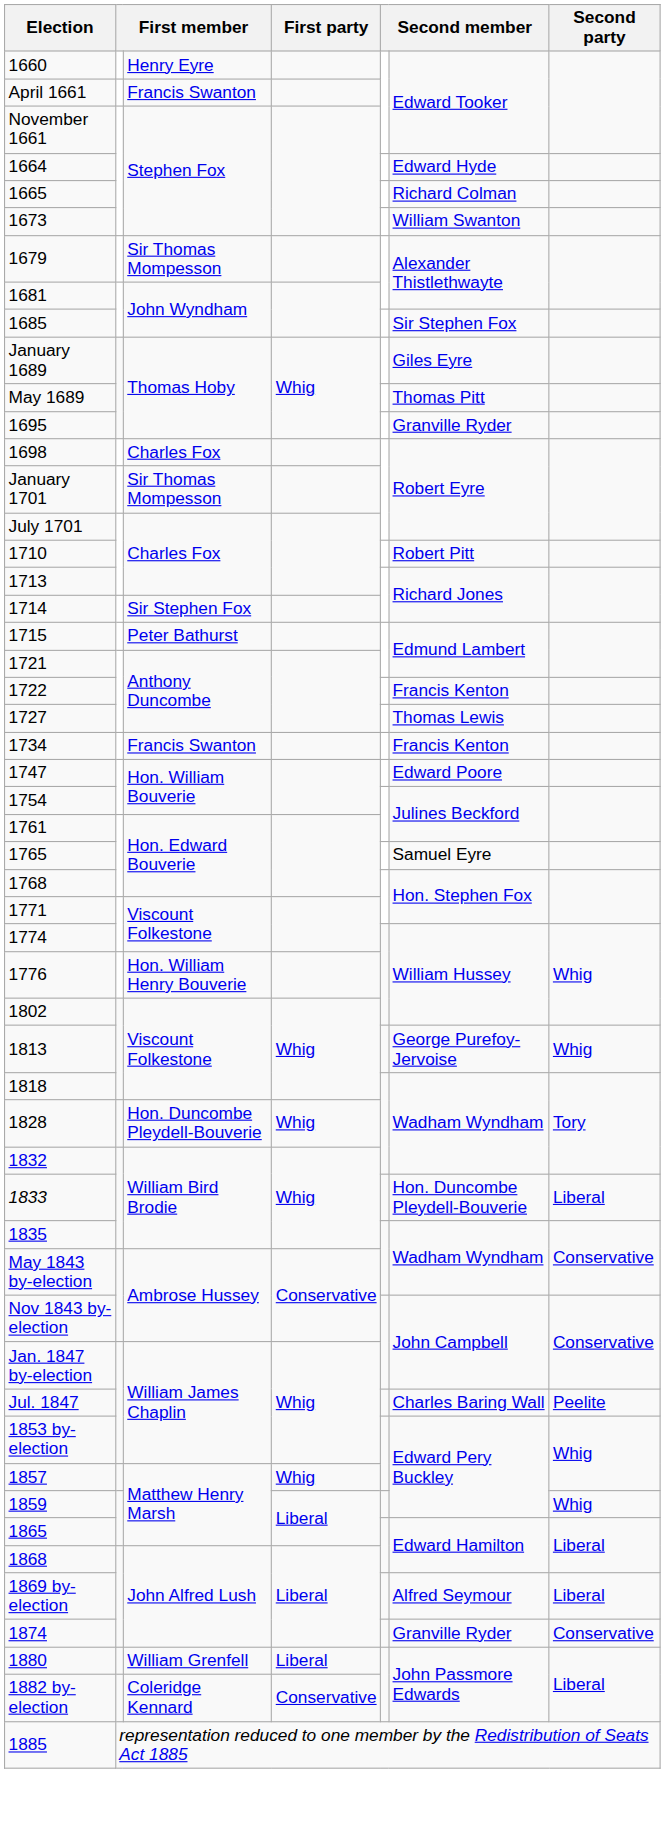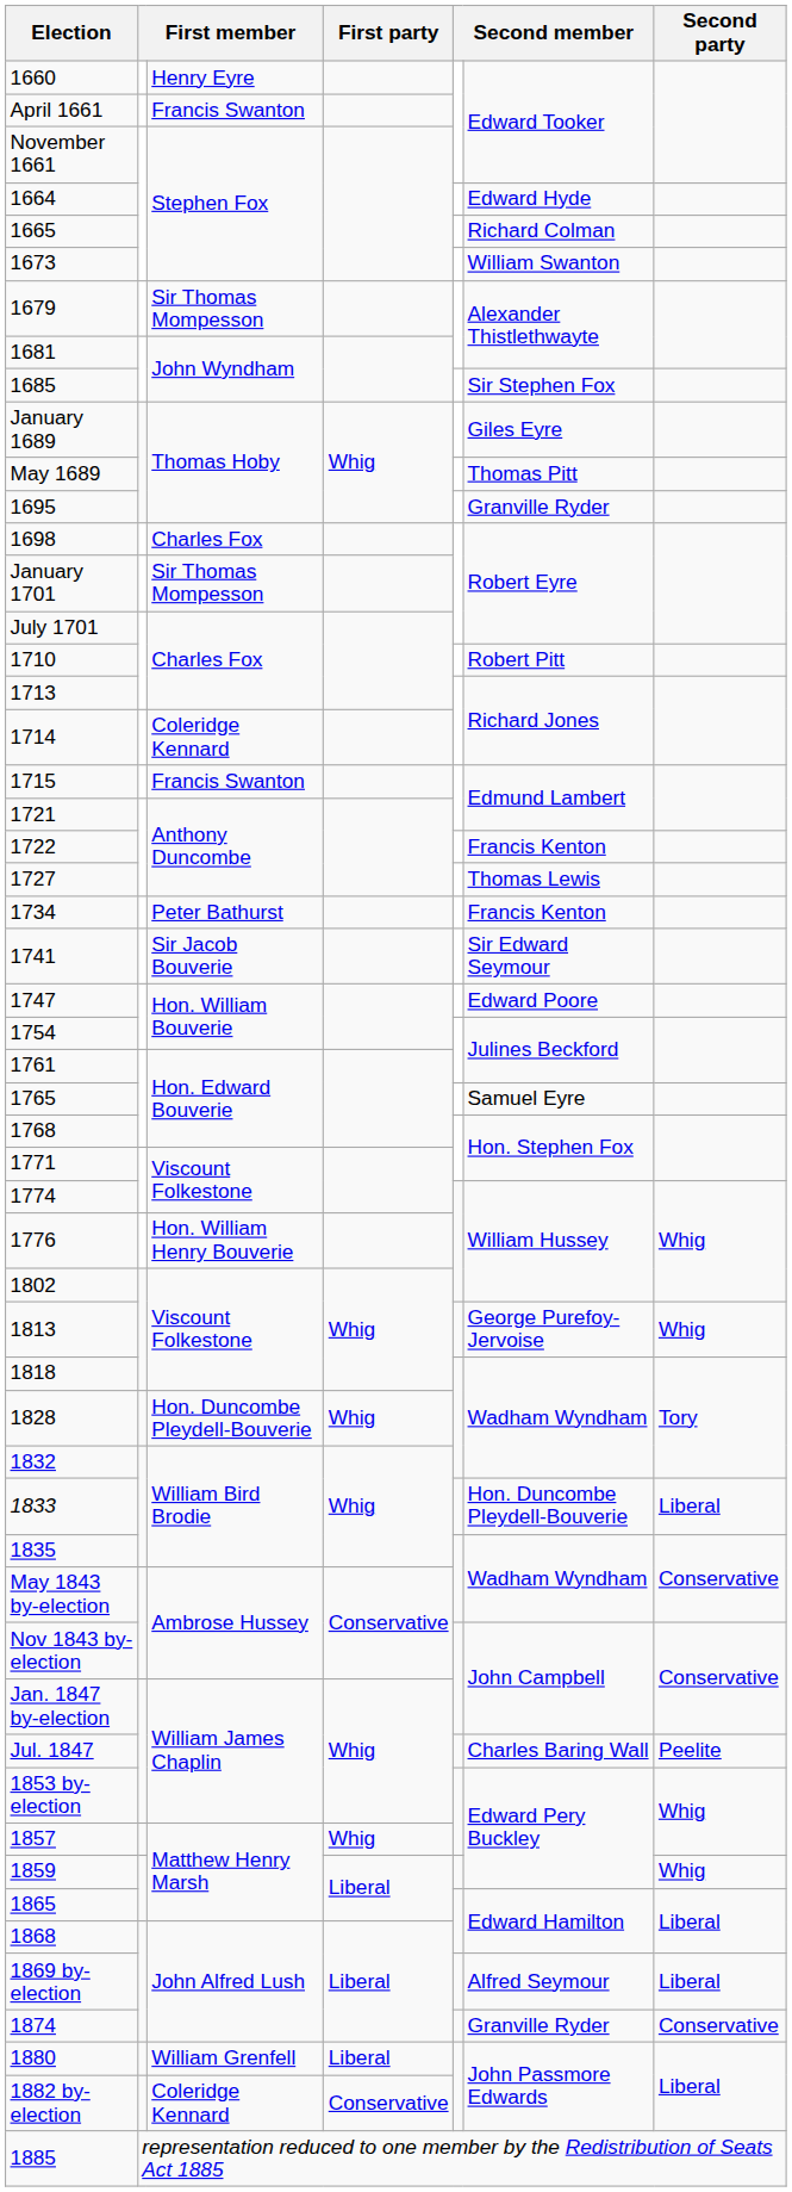 <table class="wikitable">
 <tr>
 <th>Election</th>
 <th colspan="2">First member</th>
 <th>First party</th>
 <th colspan="2">Second member</th>
 <th>Second party</th>
 </tr>
 <tr>
 <td>1660</td>
 <td style="color:inherit;background-color: white"></td>
 <td><a href='#'>Henry Eyre</a></td>
 <td></td>
 <td rowspan="3" style="color:inherit;background-color: white"></td>
 <td rowspan="3"><a href='#'>Edward Tooker</a></td>
 <td rowspan="3"></td>
 </tr>
 <tr>
 <td>April 1661</td>
 <td style="color:inherit;background-color: white"></td>
 <td><a href='#'>Francis Swanton</a></td>
 <td></td>
 </tr>
 <tr>
 <td>November 1661</td>
 <td rowspan="4" style="color:inherit;background-color: white"></td>
 <td rowspan="4"><a href='#'>Stephen Fox</a></td>
 <td rowspan="4"></td>
 </tr>
 <tr>
 <td>1664</td>
 <td style="color:inherit;background-color: white"></td>
 <td><a href='#'>Edward Hyde</a></td>
 <td></td>
 </tr>
 <tr>
 <td>1665</td>
 <td style="color:inherit;background-color: white"></td>
 <td><a href='#'>Richard Colman</a></td>
 <td></td>
 </tr>
 <tr>
 <td>1673</td>
 <td style="color:inherit;background-color: white"></td>
 <td><a href='#'>William Swanton</a></td>
 <td></td>
 </tr>
 <tr>
 <td>1679</td>
 <td style="color:inherit;background-color: white"></td>
 <td><a href='#'>Sir Thomas Mompesson</a></td>
 <td></td>
 <td rowspan="2" style="color:inherit;background-color: white"></td>
 <td rowspan="2"><a href='#'>Alexander Thistlethwayte</a></td>
 <td rowspan="2"></td>
 </tr>
 <tr>
 <td>1681</td>
 <td rowspan="2" style="color:inherit;background-color: white"></td>
 <td rowspan="2"><a href='#'>John Wyndham</a></td>
 <td rowspan="2"></td>
 </tr>
 <tr>
 <td>1685</td>
 <td style="color:inherit;background-color: white"></td>
 <td><a href='#'>Sir Stephen Fox</a></td>
 <td></td>
 </tr>
 <tr>
 <td>January 1689</td>
 <td rowspan="3" style="color:inherit;background-color: "></td>
 <td rowspan="3"><a href='#'>Thomas Hoby</a></td>
 <td rowspan="3"><a href='#'>Whig</a></td>
 <td style="color:inherit;background-color: white"></td>
 <td><a href='#'>Giles Eyre</a></td>
 <td></td>
 </tr>
 <tr>
 <td>May 1689</td>
 <td style="color:inherit;background-color: white"></td>
 <td><a href='#'>Thomas Pitt</a></td>
 <td></td>
 </tr>
 <tr>
 <td>1695</td>
 <td style="color:inherit;background-color: white"></td>
 <td><a href='#'>Granville Ryder</a></td>
 <td></td>
 </tr>
 <tr>
 <td>1698</td>
 <td style="color:inherit;background-color: white"></td>
 <td><a href='#'>Charles Fox</a></td>
 <td></td>
 <td rowspan="3" style="color:inherit;background-color: white"></td>
 <td rowspan="3"><a href='#'>Robert Eyre</a></td>
 <td rowspan="3"></td>
 </tr>
 <tr>
 <td>January 1701</td>
 <td style="color:inherit;background-color: white"></td>
 <td><a href='#'>Sir Thomas Mompesson</a></td>
 <td></td>
 </tr>
 <tr>
 <td>July 1701</td>
 <td rowspan="3" style="color:inherit;background-color: white"></td>
 <td rowspan="3"><a href='#'>Charles Fox</a></td>
 <td rowspan="3"></td>
 </tr>
 <tr>
 <td>1710</td>
 <td style="color:inherit;background-color: white"></td>
 <td><a href='#'>Robert Pitt</a></td>
 <td></td>
 </tr>
 <tr>
 <td>1713</td>
 <td rowspan="2" style="color:inherit;background-color: white"></td>
 <td rowspan="2"><a href='#'>Richard Jones</a></td>
 <td rowspan="2"></td>
 </tr>
 <tr>
 <td>1714</td>
 <td style="color:inherit;background-color: white"></td>
-<td><a href='#'>Sir Stephen Fox</a></td>
+<td><a href='#'>Coleridge Kennard</a></td>
 <td></td>
 </tr>
 <tr>
 <td>1715</td>
 <td style="color:inherit;background-color: white"></td>
-<td><a href='#'>Peter Bathurst</a></td>
+<td><a href='#'>Francis Swanton</a></td>
 <td></td>
 <td rowspan="2" style="color:inherit;background-color: white"></td>
 <td rowspan="2"><a href='#'>Edmund Lambert</a></td>
 <td rowspan="2"></td>
 </tr>
 <tr>
 <td>1721</td>
 <td rowspan="3" style="color:inherit;background-color: white"></td>
 <td rowspan="3"><a href='#'>Anthony Duncombe</a></td>
 <td rowspan="3"></td>
 </tr>
 <tr>
 <td>1722</td>
 <td style="color:inherit;background-color: white"></td>
 <td><a href='#'>Francis Kenton</a></td>
 <td></td>
 </tr>
 <tr>
 <td>1727</td>
 <td style="color:inherit;background-color: white"></td>
 <td><a href='#'>Thomas Lewis</a></td>
 <td></td>
 </tr>
 <tr>
 <td>1734</td>
 <td style="color:inherit;background-color: white"></td>
-<td><a href='#'>Francis Swanton</a></td>
+<td><a href='#'>Peter Bathurst</a></td>
 <td></td>
 <td style="color:inherit;background-color: white"></td>
 <td><a href='#'>Francis Kenton</a></td>
+<td></td>
+</tr>
+<tr>
+<td>1741</td>
+<td style="color:inherit;background-color: white"></td>
+<td><a href='#'>Sir Jacob Bouverie</a></td>
+<td></td>
+<td style="color:inherit;background-color: white"></td>
+<td><a href='#'>Sir Edward Seymour</a></td>
 <td></td>
 </tr>
 <tr>
 <td>1747</td>
 <td rowspan="2" style="color:inherit;background-color: white"></td>
 <td rowspan="2"><a href='#'>Hon. William Bouverie</a></td>
 <td rowspan="2"></td>
 <td style="color:inherit;background-color: white"></td>
 <td><a href='#'>Edward Poore</a></td>
 <td></td>
 </tr>
 <tr>
 <td>1754</td>
 <td rowspan="2" style="color:inherit;background-color: white"></td>
 <td rowspan="2"><a href='#'>Julines Beckford</a></td>
 <td rowspan="2"></td>
 </tr>
 <tr>
 <td>1761</td>
 <td rowspan="3" style="color:inherit;background-color: white"></td>
 <td rowspan="3"><a href='#'>Hon. Edward Bouverie</a></td>
 <td rowspan="3"></td>
 </tr>
 <tr>
 <td>1765</td>
 <td style="color:inherit;background-color: white"></td>
 <td>Samuel Eyre</td>
 <td></td>
 </tr>
 <tr>
 <td>1768</td>
 <td rowspan="2" style="color:inherit;background-color: white"></td>
 <td rowspan="2"><a href='#'>Hon. Stephen Fox</a></td>
 <td rowspan="2"></td>
 </tr>
 <tr>
 <td>1771</td>
 <td rowspan="2" style="color:inherit;background-color: white"></td>
 <td rowspan="2"><a href='#'>Viscount Folkestone</a></td>
 <td rowspan="2"></td>
 </tr>
 <tr>
 <td>1774</td>
 <td rowspan="3" style="color:inherit;background-color: "></td>
 <td rowspan="3"><a href='#'>William Hussey</a></td>
 <td rowspan="3"><a href='#'>Whig</a></td>
 </tr>
 <tr>
 <td>1776</td>
 <td style="color:inherit;background-color: white"></td>
 <td><a href='#'>Hon. William Henry Bouverie</a></td>
 <td></td>
 </tr>
 <tr>
 <td>1802</td>
 <td rowspan="3" style="color:inherit;background-color: "></td>
 <td rowspan="3"><a href='#'>Viscount Folkestone</a></td>
 <td rowspan="3"><a href='#'>Whig</a></td>
 </tr>
 <tr>
 <td>1813</td>
 <td style="color:inherit;background-color: "></td>
 <td><a href='#'>George Purefoy-Jervoise</a></td>
 <td><a href='#'>Whig</a></td>
 </tr>
 <tr>
 <td>1818</td>
 <td rowspan="3" style="color:inherit;background-color: "></td>
 <td rowspan="3"><a href='#'>Wadham Wyndham</a></td>
 <td rowspan="3"><a href='#'>Tory</a></td>
 </tr>
 <tr>
 <td>1828</td>
 <td style="color:inherit;background-color: "></td>
 <td><a href='#'>Hon. Duncombe Pleydell-Bouverie</a></td>
 <td><a href='#'>Whig</a></td>
 </tr>
 <tr>
 <td><a href='#'>1832</a></td>
 <td rowspan="3" style="color:inherit;background-color: "></td>
 <td rowspan="3"><a href='#'>William Bird Brodie</a></td>
 <td rowspan="3"><a href='#'>Whig</a></td>
 </tr>
 <tr>
 <td><em>1833</em></td>
 <td style="color:inherit;background-color: "></td>
 <td><a href='#'>Hon. Duncombe Pleydell-Bouverie</a></td>
 <td><a href='#'>Liberal</a></td>
 </tr>
 <tr>
 <td><a href='#'>1835</a></td>
 <td rowspan="2" style="color:inherit;background-color: "></td>
 <td rowspan="2"><a href='#'>Wadham Wyndham</a></td>
 <td rowspan="2"><a href='#'>Conservative</a></td>
 </tr>
 <tr>
 <td><a href='#'>May 1843 by-election</a></td>
 <td rowspan="2" style="color:inherit;background-color: "></td>
 <td rowspan="2"><a href='#'>Ambrose Hussey</a></td>
 <td rowspan="2"><a href='#'>Conservative</a></td>
 </tr>
 <tr>
 <td><a href='#'>Nov 1843 by-election</a></td>
 <td rowspan="2" style="color:inherit;background-color: "></td>
 <td rowspan="2"><a href='#'>John Campbell</a></td>
 <td rowspan="2"><a href='#'>Conservative</a></td>
 </tr>
 <tr>
 <td><a href='#'>Jan. 1847 by-election</a></td>
 <td rowspan="3" style="color:inherit;background-color: "></td>
 <td rowspan="3"><a href='#'>William James Chaplin</a></td>
 <td rowspan="3"><a href='#'>Whig</a></td>
 </tr>
 <tr>
 <td><a href='#'>Jul. 1847</a></td>
 <td style="color:inherit;background-color: "></td>
 <td><a href='#'>Charles Baring Wall</a></td>
 <td><a href='#'>Peelite</a></td>
 </tr>
 <tr>
 <td><a href='#'>1853 by-election</a></td>
 <td rowspan="2" style="color:inherit;background-color: "></td>
 <td rowspan="3"><a href='#'>Edward Pery Buckley</a></td>
 <td rowspan="2"><a href='#'>Whig</a></td>
 </tr>
 <tr>
 <td><a href='#'>1857</a></td>
 <td style="color:inherit;background-color: "></td>
 <td rowspan="3"><a href='#'>Matthew Henry Marsh</a></td>
 <td><a href='#'>Whig</a></td>
 </tr>
 <tr>
 <td><a href='#'>1859</a></td>
 <td rowspan="2" style="color:inherit;background-color: "></td>
 <td rowspan="2"><a href='#'>Liberal</a></td>
 <td style="color:inherit;background-color: "></td>
 <td><a href='#'>Whig</a></td>
 </tr>
 <tr>
 <td><a href='#'>1865</a></td>
 <td rowspan="2" style="color:inherit;background-color: "></td>
 <td rowspan="2"><a href='#'>Edward Hamilton</a></td>
 <td rowspan="2"><a href='#'>Liberal</a></td>
 </tr>
 <tr>
 <td><a href='#'>1868</a></td>
 <td rowspan="3" style="color:inherit;background-color: "></td>
 <td rowspan="3"><a href='#'>John Alfred Lush</a></td>
 <td rowspan="3"><a href='#'>Liberal</a></td>
 </tr>
 <tr>
 <td><a href='#'>1869 by-election</a></td>
 <td style="color:inherit;background-color: "></td>
 <td><a href='#'>Alfred Seymour</a></td>
 <td><a href='#'>Liberal</a></td>
 </tr>
 <tr>
 <td><a href='#'>1874</a></td>
 <td style="color:inherit;background-color: "></td>
 <td><a href='#'>Granville Ryder</a></td>
 <td><a href='#'>Conservative</a></td>
 </tr>
 <tr>
 <td><a href='#'>1880</a></td>
 <td style="color:inherit;background-color: "></td>
 <td><a href='#'>William Grenfell</a></td>
 <td><a href='#'>Liberal</a></td>
 <td rowspan="2" style="color:inherit;background-color: "></td>
 <td rowspan="2"><a href='#'>John Passmore Edwards</a></td>
 <td rowspan="2"><a href='#'>Liberal</a></td>
 </tr>
 <tr>
 <td><a href='#'>1882 by-election</a></td>
 <td style="color:inherit;background-color: "></td>
 <td><a href='#'>Coleridge Kennard</a></td>
 <td><a href='#'>Conservative</a></td>
 </tr>
 <tr>
 <td><a href='#'>1885</a></td>
 <td colspan="6"><em>representation reduced to one member by the <a href='#'>Redistribution of Seats Act 1885</a></em></td>
 </tr>
 </table>
